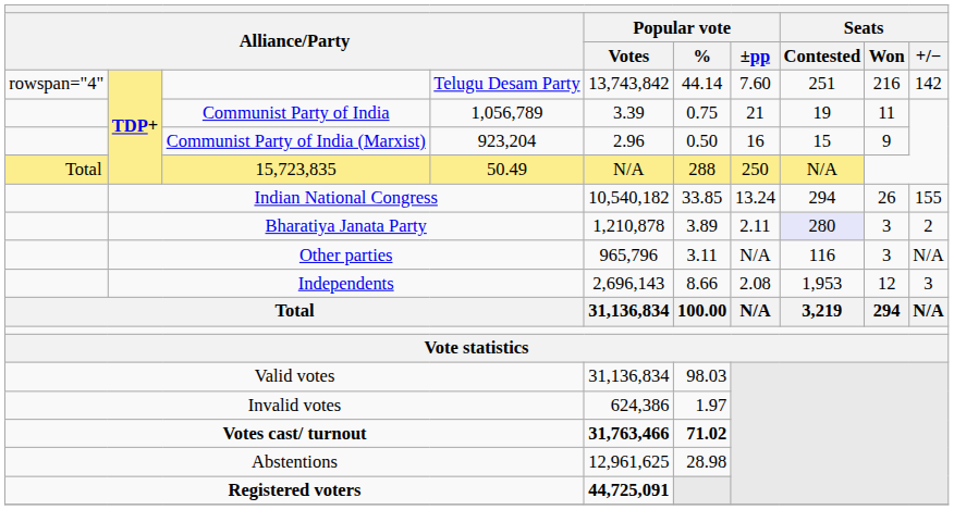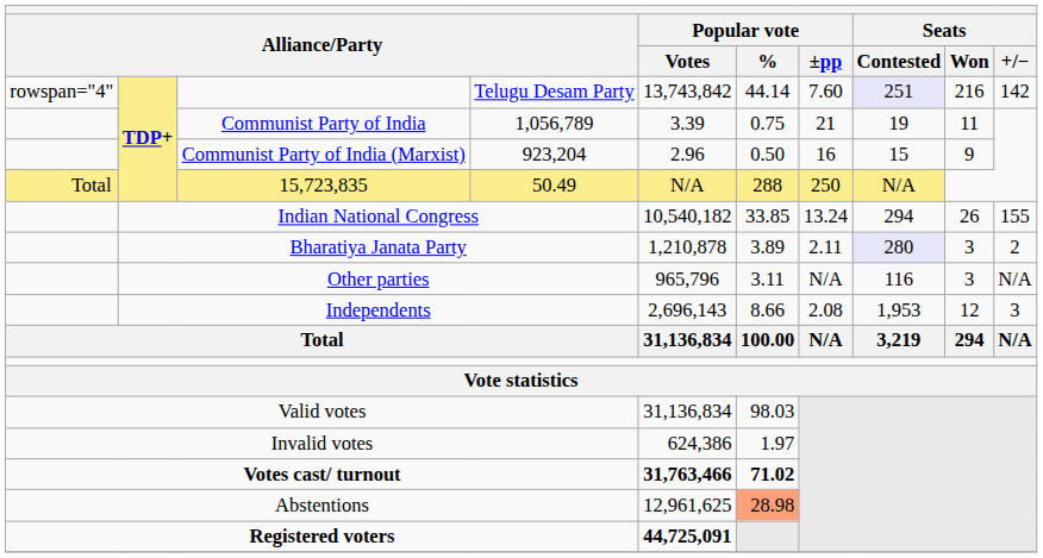 <table class="wikitable sortable" style="text-align:center;">
 <tr>
 <th colspan=10></th>
 </tr>
 <tr>
 <th colspan="4" rowspan="2">Alliance/Party</th>
 <th colspan="3">Popular vote</th>
 <th colspan="3">Seats</th>
 </tr>
 <tr>
 <th>Votes</th>
 <th>%</th>
 <th>±<a href='#'>pp</a></th>
 <th>Contested</th>
 <th>Won</th>
 <th><strong>+/−</strong></th>
 </tr>
 <tr>
 <td>rowspan="4" </td>
 <th rowspan="4" style="background:#FCEE8D"><a href='#'>TDP</a>+</th>
 <td></td>
 <td><a href='#'>Telugu Desam Party</a></td>
 <td>13,743,842</td>
 <td>44.14</td>
 <td> 7.60</td>
-<td>251</td>
+<td style="background: lavender;">251</td>
 <td>216</td>
 <td> 142</td>
 </tr>
 <tr>
 <td></td>
 <td><a href='#'>Communist Party of India</a></td>
 <td>1,056,789</td>
 <td>3.39</td>
 <td> 0.75</td>
 <td>21</td>
 <td>19</td>
 <td> 11</td>
 </tr>
 <tr>
 <td></td>
 <td><a href='#'>Communist Party of India (Marxist)</a></td>
 <td>923,204</td>
 <td>2.96</td>
 <td> 0.50</td>
 <td>16</td>
 <td>15</td>
 <td> 9</td>
 </tr>
 <tr>
 <td colspan="2" style="background:#FCEE8D">Total</td>
 <td style="background:#FCEE8D">15,723,835</td>
 <td style="background:#FCEE8D">50.49</td>
 <td style="background:#FCEE8D">N/A</td>
 <td style="background:#FCEE8D">288</td>
 <td style="background:#FCEE8D">250</td>
 <td style="background:#FCEE8D">N/A</td>
 </tr>
 <tr>
 <td></td>
 <td colspan=3><a href='#'>Indian National Congress</a></td>
 <td>10,540,182</td>
 <td>33.85</td>
 <td> 13.24</td>
 <td>294</td>
 <td>26</td>
 <td> 155</td>
 </tr>
 <tr>
 <td></td>
 <td colspan=3><a href='#'>Bharatiya Janata Party</a></td>
 <td>1,210,878</td>
 <td>3.89</td>
 <td> 2.11</td>
 <td style="background: lavender;">280</td>
 <td>3</td>
 <td> 2</td>
 </tr>
 <tr>
 <td></td>
 <td colspan="3"><a href='#'>Other parties</a></td>
 <td>965,796</td>
 <td>3.11</td>
 <td>N/A</td>
 <td>116</td>
 <td>3</td>
 <td>N/A</td>
 </tr>
 <tr>
 <td></td>
 <td colspan="3"><a href='#'>Independents</a></td>
 <td>2,696,143</td>
 <td>8.66</td>
 <td> 2.08</td>
 <td>1,953</td>
 <td>12</td>
 <td> 3</td>
 </tr>
 <tr>
 <th colspan="4">Total</th>
 <th>31,136,834</th>
 <th>100.00</th>
 <th>N/A</th>
 <th>3,219</th>
 <th>294</th>
 <th>N/A</th>
 </tr>
 <tr>
 <td colspan="10"></td>
 </tr>
 <tr>
 <th colspan="10">Vote statistics</th>
 </tr>
 <tr>
 <td colspan="4">Valid votes</td>
 <td align="right">31,136,834</td>
 <td align="right">98.03</td>
 <th colspan="4" rowspan="5" style="background-color:#E9E9E9"></th>
 </tr>
 <tr>
 <td colspan="4">Invalid votes</td>
 <td align="right">624,386</td>
 <td align="right">1.97</td>
 </tr>
 <tr>
 <td colspan="4"><strong>Votes cast/ turnout</strong></td>
 <td align="right"><strong>31,763,466</strong></td>
 <td align="right"><strong>71.02</strong></td>
 </tr>
 <tr>
 <td colspan="4">Abstentions</td>
 <td align="right">12,961,625</td>
-<td align="right">28.98</td>
+<td align="right" style="background: lightsalmon;">28.98</td>
 </tr>
 <tr>
 <td colspan="4"><strong>Registered voters</strong></td>
 <td align="right"><strong>44,725,091</strong></td>
 <td style="background-color:#E9E9E9"></td>
 </tr>
 <tr>
 </tr>
 </table>
